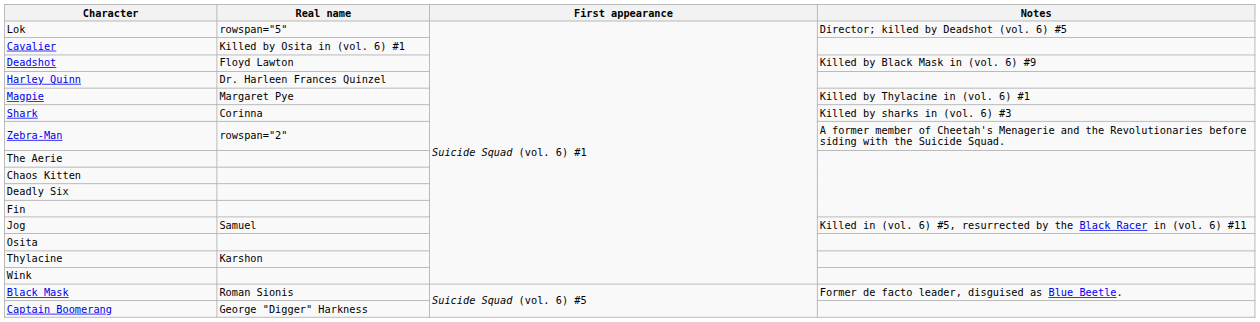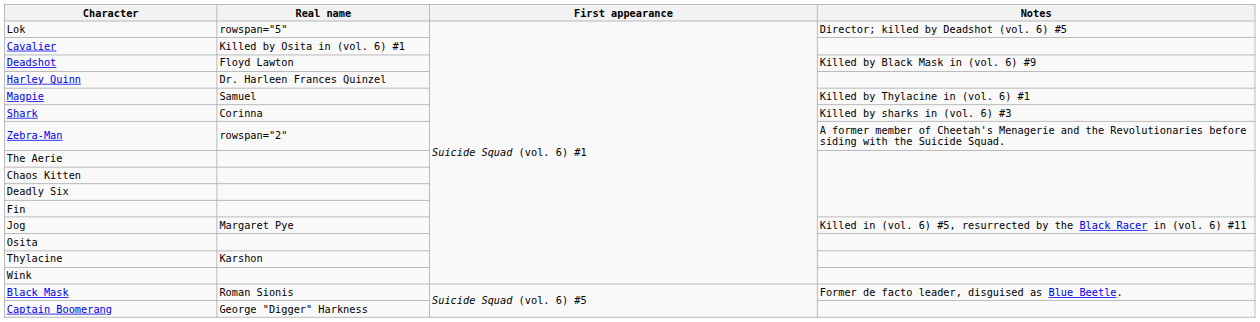 <table class="wikitable" width=100%>
 <tr>
 <th width=17%>Character</th>
 <th width=17%>Real name</th>
 <th width=31%>First appearance</th>
 <th width=35%>Notes</th>
 </tr>
 <tr>
 <td>Lok</td>
 <td>rowspan="5" </td>
 <td rowspan="15"><em>Suicide Squad</em> (vol. 6) #1</td>
 <td>Director; killed by Deadshot (vol. 6) #5</td>
 </tr>
 <tr>
 <td><a href='#'>Cavalier</a></td>
 <td>Killed by Osita in (vol. 6) #1</td>
 </tr>
 <tr>
 <td><a href='#'>Deadshot</a></td>
 <td>Floyd Lawton</td>
 <td>Killed by Black Mask in (vol. 6) #9</td>
 </tr>
 <tr>
 <td><a href='#'>Harley Quinn</a></td>
 <td>Dr. Harleen Frances Quinzel</td>
 <td></td>
 </tr>
 <tr>
 <td><a href='#'>Magpie</a></td>
-<td>Margaret Pye</td>
+<td>Samuel</td>
 <td>Killed by Thylacine in (vol. 6) #1</td>
 </tr>
 <tr>
 <td><a href='#'>Shark</a></td>
 <td>Corinna</td>
 <td>Killed by sharks in (vol. 6) #3</td>
 </tr>
 <tr>
 <td><a href='#'>Zebra-Man</a></td>
 <td>rowspan="2" </td>
 <td>A former member of Cheetah's Menagerie and the Revolutionaries before siding with the Suicide Squad.</td>
 </tr>
 <tr>
 <td>The Aerie</td>
 <td></td>
 </tr>
 <tr>
 <td>Chaos Kitten</td>
 <td></td>
 </tr>
 <tr>
 <td>Deadly Six</td>
 <td></td>
 </tr>
 <tr>
 <td>Fin</td>
 <td></td>
 </tr>
 <tr>
 <td>Jog</td>
-<td>Samuel</td>
+<td>Margaret Pye</td>
 <td>Killed in (vol. 6) #5, resurrected by the <a href='#'>Black Racer</a> in (vol. 6) #11</td>
 </tr>
 <tr>
 <td>Osita</td>
 <td></td>
 <td></td>
 </tr>
 <tr>
 <td>Thylacine</td>
 <td>Karshon</td>
 <td></td>
 </tr>
 <tr>
 <td>Wink</td>
 <td></td>
 <td></td>
 </tr>
 <tr>
 <td><a href='#'>Black Mask</a></td>
 <td>Roman Sionis</td>
 <td rowspan="2"><em>Suicide Squad</em> (vol. 6) #5</td>
 <td>Former de facto leader, disguised as <a href='#'>Blue Beetle</a>.</td>
 </tr>
 <tr>
 <td><a href='#'>Captain Boomerang</a></td>
 <td>George "Digger" Harkness</td>
 <td></td>
 </tr>
 </table>
